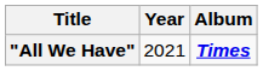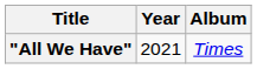 <table class="wikitable plainrowheaders" style="text-align:center;">
 <tr>
 <th>Title</th>
 <th>Year</th>
 <th>Album</th>
 </tr>
 <tr>
 <th scope="row">"All We Have"<br></th>
 <td>2021</td>
-<td><strong><em><a href='#'>Times</a></em></strong></td>
+<td><em><a href='#'>Times</a></em></td>
 </tr>
 </table>
